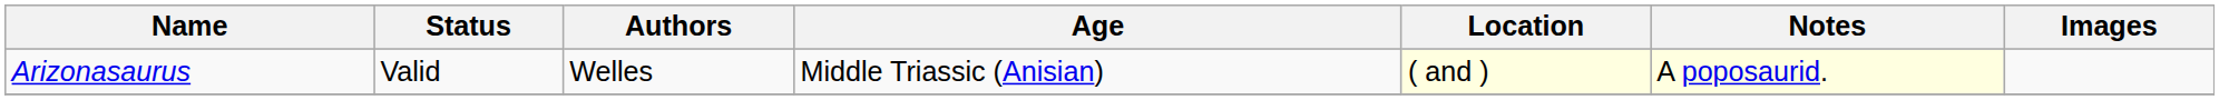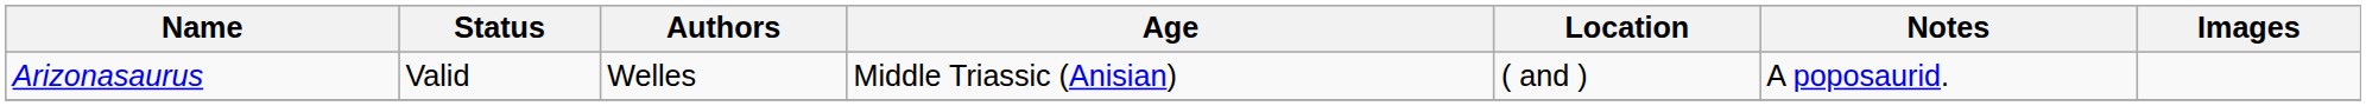 <table class="wikitable sortable" align="center" width="100%">
 <tr>
 <th>Name</th>
 <th>Status</th>
 <th>Authors</th>
 <th>Age</th>
 <th>Location</th>
 <th>Notes</th>
 <th class="unsortable">Images</th>
 </tr>
 <tr>
 <td><em><a href='#'>Arizonasaurus</a></em></td>
 <td>Valid</td>
 <td>Welles</td>
 <td>Middle Triassic (<a href='#'>Anisian</a>)</td>
-<td style="background: lightyellow;"> ( and )</td>
-<td style="background: lightyellow;">A <a href='#'>poposaurid</a>.</td>
+<td> ( and )</td>
+<td>A <a href='#'>poposaurid</a>.</td>
 <td></td>
 </tr>
 <tr>
 </tr>
 </table>
